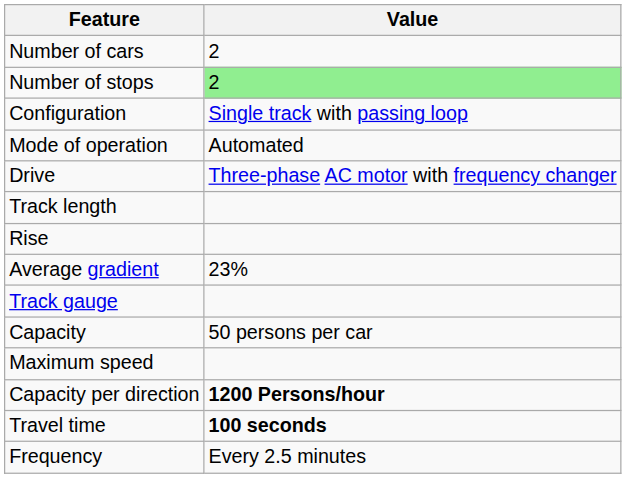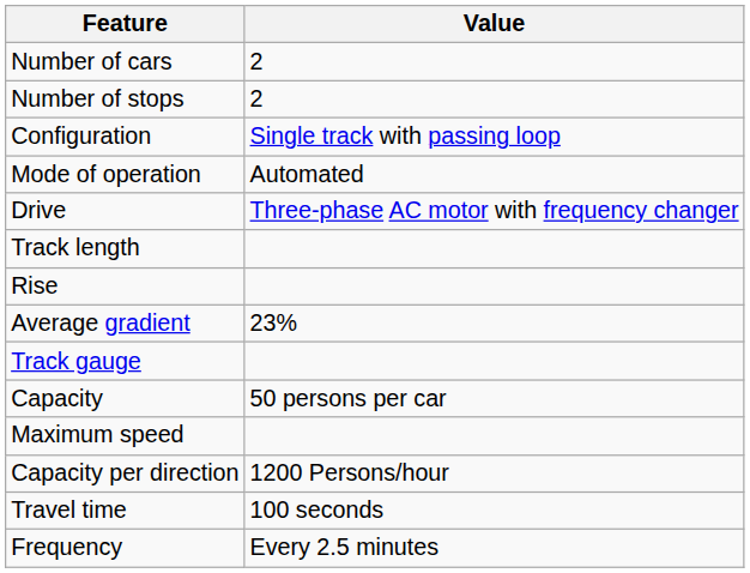 <table class="wikitable sortable mw-datatable plainrowheaders">
 <tr>
 <th>Feature</th>
 <th>Value</th>
 </tr>
 <tr>
 <td>Number of cars</td>
 <td>2</td>
 </tr>
 <tr>
 <td>Number of stops</td>
-<td style="background: lightgreen;">2</td>
+<td>2</td>
 </tr>
 <tr>
 <td>Configuration</td>
 <td><a href='#'>Single track</a> with <a href='#'>passing loop</a></td>
 </tr>
 <tr>
 <td>Mode of operation</td>
 <td>Automated</td>
 </tr>
 <tr>
 <td>Drive</td>
 <td><a href='#'>Three-phase</a> <a href='#'>AC motor</a> with <a href='#'>frequency changer</a></td>
 </tr>
 <tr>
 <td>Track length</td>
 <td></td>
 </tr>
 <tr>
 <td>Rise</td>
 <td></td>
 </tr>
 <tr>
 <td>Average <a href='#'>gradient</a></td>
 <td>23%</td>
 </tr>
 <tr>
 <td><a href='#'>Track gauge</a></td>
 <td></td>
 </tr>
 <tr>
 <td>Capacity</td>
 <td>50 persons per car</td>
 </tr>
 <tr>
 <td>Maximum speed</td>
 <td></td>
 </tr>
 <tr>
 <td>Capacity per direction</td>
-<td><strong>1200 Persons/hour</strong></td>
+<td>1200 Persons/hour</td>
 </tr>
 <tr>
 <td>Travel time</td>
-<td><strong>100 seconds</strong></td>
+<td>100 seconds</td>
 </tr>
 <tr>
 <td>Frequency</td>
 <td>Every 2.5 minutes</td>
 </tr>
 </table>
